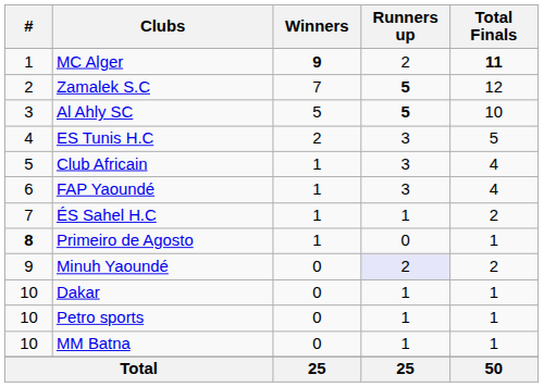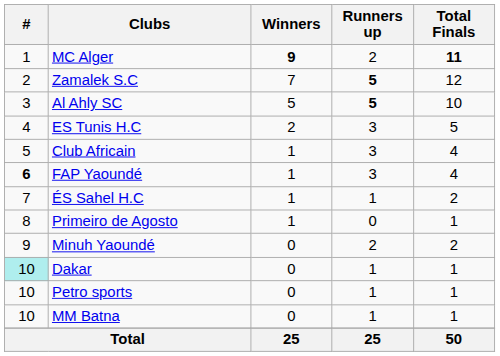 <table class="wikitable">
 <tr>
 <th width=40>#</th>
 <th width=210>Clubs</th>
 <th width=80>Winners</th>
 <th width=80>Runners up</th>
 <th width=80>Total Finals</th>
 </tr>
 <tr>
 <td align=center>1</td>
 <td> <a href='#'>MC Alger</a></td>
 <td align=center><strong>9</strong></td>
 <td align=center>2</td>
 <td align=center><strong>11</strong></td>
 </tr>
 <tr>
 <td align=center>2</td>
 <td> <a href='#'>Zamalek S.C</a></td>
 <td align=center>7</td>
 <td align=center><strong>5</strong></td>
 <td align=center>12</td>
 </tr>
 <tr>
 <td align=center>3</td>
 <td> <a href='#'>Al Ahly SC</a></td>
 <td align=center>5</td>
 <td align=center><strong>5</strong></td>
 <td align=center>10</td>
 </tr>
 <tr>
 <td align=center>4</td>
 <td> <a href='#'>ES Tunis H.C</a></td>
 <td align=center>2</td>
 <td align=center>3</td>
 <td align=center>5</td>
 </tr>
 <tr>
 <td align=center>5</td>
 <td> <a href='#'>Club Africain</a></td>
 <td align=center>1</td>
 <td align=center>3</td>
 <td align=center>4</td>
 </tr>
 <tr>
-<td align=center>6</td>
+<td align=center><strong>6</strong></td>
 <td> <a href='#'>FAP Yaoundé</a></td>
 <td align=center>1</td>
 <td align=center>3</td>
 <td align=center>4</td>
 </tr>
 <tr>
 <td align=center>7</td>
 <td> <a href='#'>ÉS Sahel H.C</a></td>
 <td align=center>1</td>
 <td align=center>1</td>
 <td align=center>2</td>
 </tr>
 <tr>
-<td align=center><strong>8</strong></td>
+<td align=center>8</td>
 <td> <a href='#'>Primeiro de Agosto</a></td>
 <td align=center>1</td>
 <td align=center>0</td>
 <td align=center>1</td>
 </tr>
 <tr>
 <td align=center>9</td>
 <td> <a href='#'>Minuh Yaoundé</a></td>
 <td align=center>0</td>
-<td align=center style="background: lavender;">2</td>
+<td align=center>2</td>
 <td align=center>2</td>
 </tr>
 <tr>
-<td align=center>10</td>
+<td align=center style="background: paleturquoise;">10</td>
 <td> <a href='#'>Dakar</a></td>
 <td align=center>0</td>
 <td align=center>1</td>
 <td align=center>1</td>
 </tr>
 <tr>
 <td align=center>10</td>
 <td> <a href='#'>Petro sports</a></td>
 <td align=center>0</td>
 <td align=center>1</td>
 <td align=center>1</td>
 </tr>
 <tr>
 <td align=center>10</td>
 <td> <a href='#'>MM Batna</a></td>
 <td align=center>0</td>
 <td align=center>1</td>
 <td align=center>1</td>
 </tr>
 <tr>
 </tr>
 <tr>
 <th colspan=2>Total</th>
 <th>25</th>
 <th>25</th>
 <th>50</th>
 </tr>
 </table>
